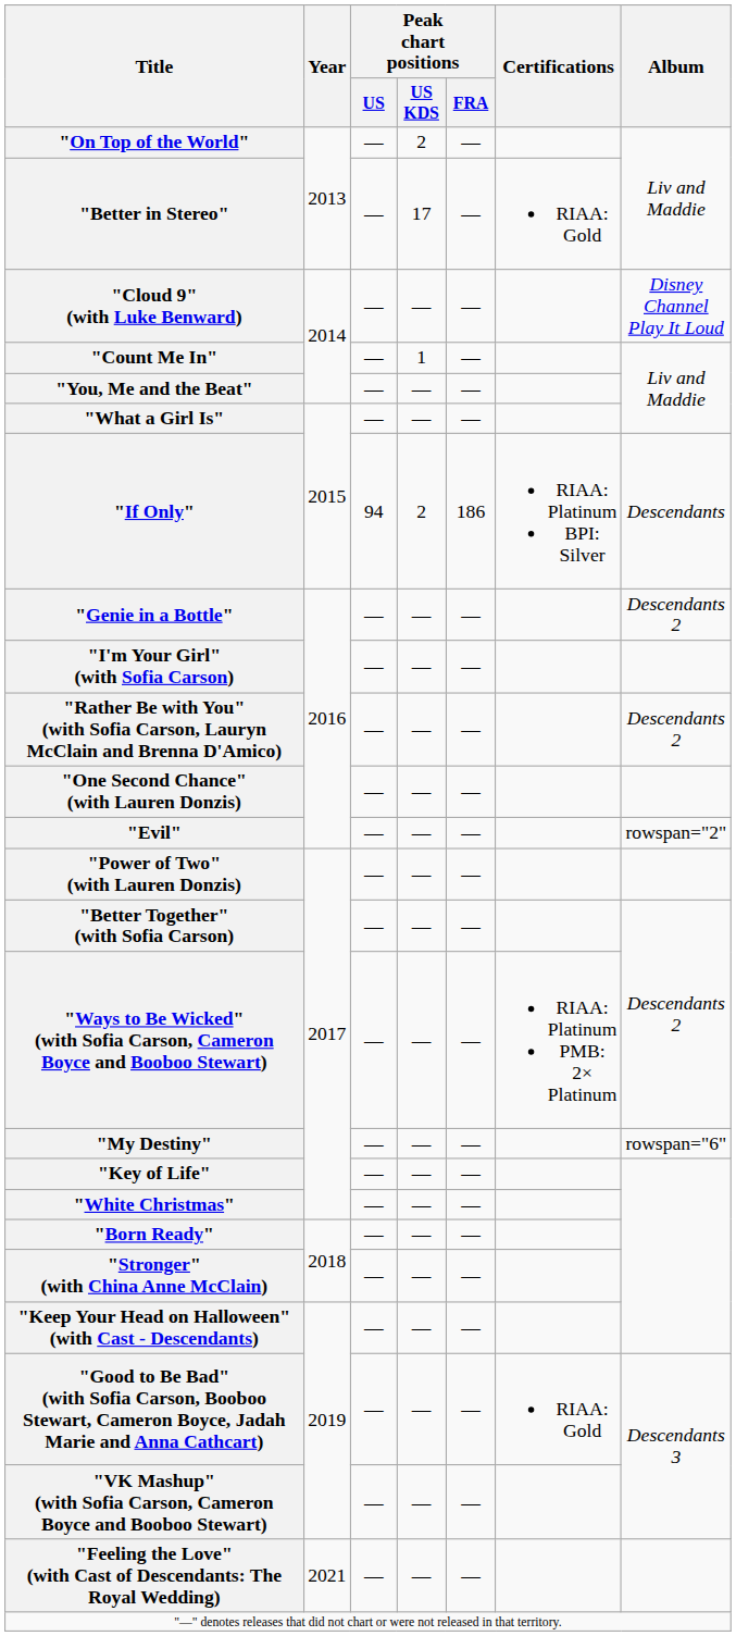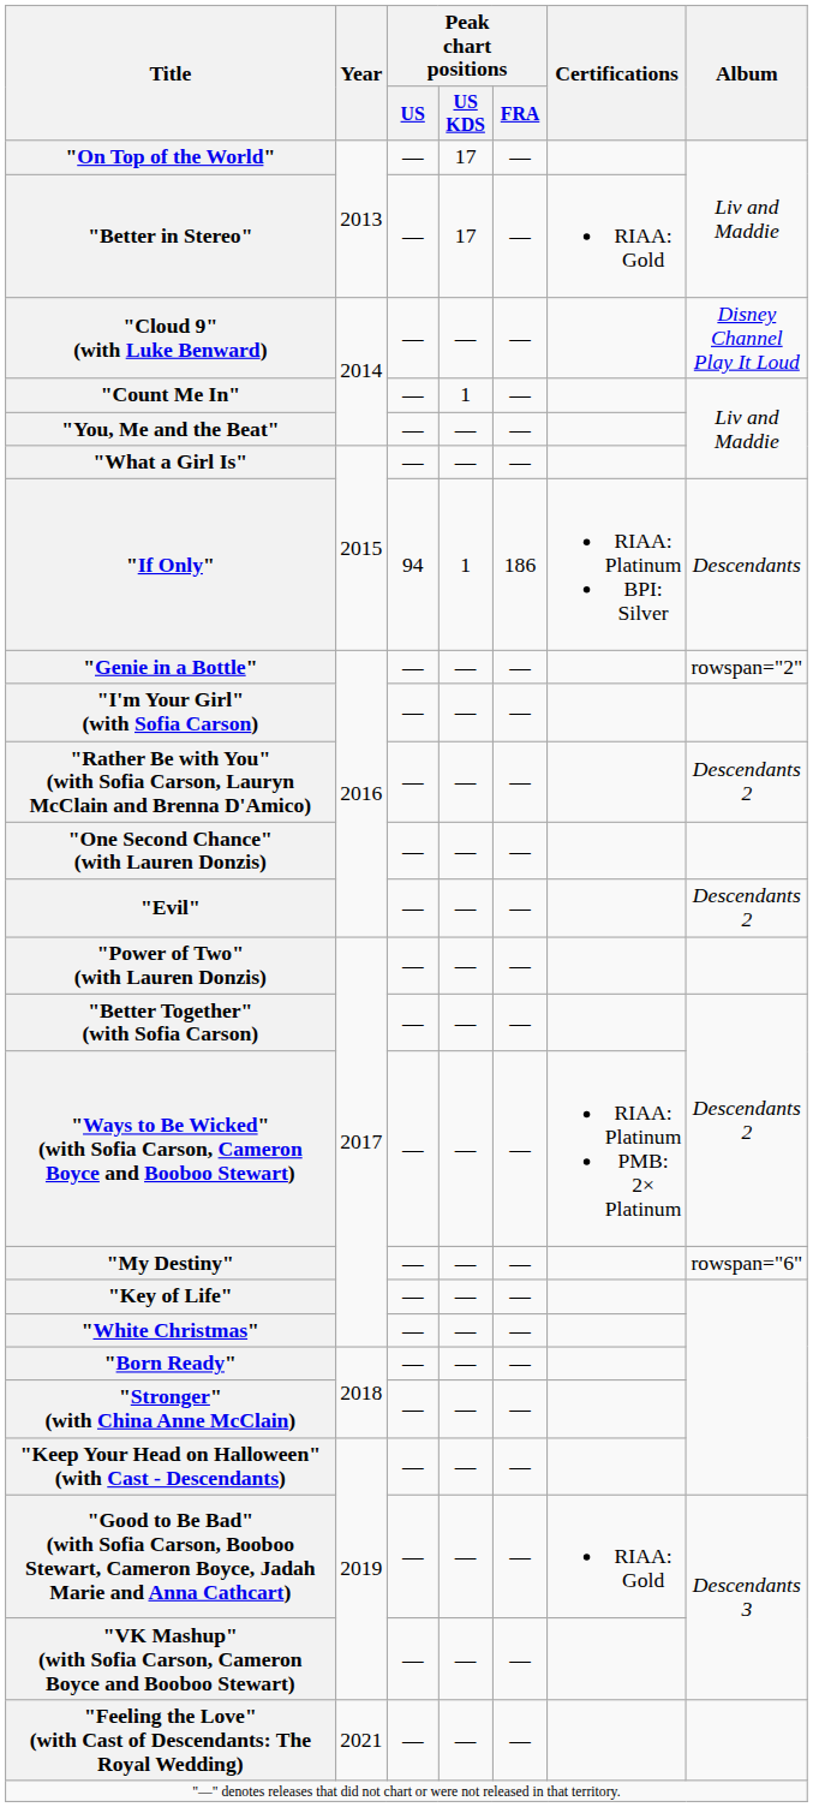 <table class="wikitable plainrowheaders" style="text-align:center">
 <tr>
 <th scope="col" rowspan="2" style="width:18em;">Title</th>
 <th scope="col" rowspan="2">Year</th>
 <th scope="col" colspan="3">Peak<br>chart<br>positions</th>
 <th scope="col" rowspan="2">Certifications</th>
 <th scope="col" rowspan="2">Album</th>
 </tr>
 <tr>
 <th scope="col" style="width:2.5em;font-size:90%;"><a href='#'>US</a><br></th>
 <th scope="col" style="width:2.5em;font-size:90%;"><a href='#'>US<br>KDS</a></th>
 <th scope="col" style="width:2.5em;font-size:90%;"><a href='#'>FRA</a><br></th>
 </tr>
 <tr>
 <th scope="row">"<a href='#'>On Top of the World</a>"</th>
 <td rowspan="2">2013</td>
 <td>—</td>
-<td>2</td>
+<td>17</td>
 <td>—</td>
 <td></td>
 <td rowspan="2"><em>Liv and Maddie</em></td>
 </tr>
 <tr>
 <th scope="row">"Better in Stereo"</th>
 <td>—</td>
 <td>17</td>
 <td>—</td>
 <td><br><ul><li>RIAA: Gold</li></ul></td>
 </tr>
 <tr>
 <th scope="row">"Cloud 9"<br><span>(with <a href='#'>Luke Benward</a>)</span></th>
 <td rowspan="3">2014</td>
 <td>—</td>
 <td>—</td>
 <td>—</td>
 <td></td>
 <td><em><a href='#'>Disney Channel Play It Loud</a></em></td>
 </tr>
 <tr>
 <th scope="row">"Count Me In"</th>
 <td>—</td>
 <td>1</td>
 <td>—</td>
 <td></td>
 <td rowspan="3"><em>Liv and Maddie</em></td>
 </tr>
 <tr>
 <th scope="row">"You, Me and the Beat"</th>
 <td>—</td>
 <td>—</td>
 <td>—</td>
 <td></td>
 </tr>
 <tr>
 <th scope="row">"What a Girl Is"<br></th>
 <td rowspan="2">2015</td>
 <td>—</td>
 <td>—</td>
 <td>—</td>
 <td></td>
 </tr>
 <tr>
 <th scope="row">"<a href='#'>If Only</a>"</th>
 <td>94</td>
-<td>2</td>
+<td>1</td>
 <td>186</td>
 <td><br><ul><li>RIAA: Platinum</li><li>BPI: Silver</li></ul></td>
 <td><em>Descendants</em></td>
 </tr>
 <tr>
 <th scope="row">"<a href='#'>Genie in a Bottle</a>"</th>
 <td rowspan="5">2016</td>
 <td>—</td>
 <td>—</td>
 <td>—</td>
 <td></td>
-<td><em>Descendants 2</em></td>
+<td>rowspan="2" </td>
 </tr>
 <tr>
 <th scope="row">"I'm Your Girl"<br><span>(with <a href='#'>Sofia Carson</a>)</span></th>
 <td>—</td>
 <td>—</td>
 <td>—</td>
 <td></td>
 </tr>
 <tr>
 <th scope="row">"Rather Be with You"<br><span>(with Sofia Carson, Lauryn McClain and Brenna D'Amico)</span></th>
 <td>—</td>
 <td>—</td>
 <td>—</td>
 <td></td>
 <td><em>Descendants 2</em></td>
 </tr>
 <tr>
 <th scope="row">"One Second Chance"<br><span>(with Lauren Donzis)</span></th>
 <td>—</td>
 <td>—</td>
 <td>—</td>
 <td></td>
 <td></td>
 </tr>
 <tr>
 <th scope="row">"Evil"</th>
 <td>—</td>
 <td>—</td>
 <td>—</td>
 <td></td>
-<td>rowspan="2" </td>
+<td><em>Descendants 2</em></td>
 </tr>
 <tr>
 <th scope="row">"Power of Two"<br><span>(with Lauren Donzis)</span></th>
 <td rowspan="6">2017</td>
 <td>—</td>
 <td>—</td>
 <td>—</td>
 <td></td>
 <td></td>
 </tr>
 <tr>
 <th scope="row">"Better Together"<br><span>(with Sofia Carson)</span></th>
 <td>—</td>
 <td>—</td>
 <td>—</td>
 <td></td>
 <td rowspan="2"><em>Descendants 2</em></td>
 </tr>
 <tr>
 <th scope="row">"<a href='#'>Ways to Be Wicked</a>"<br><span>(with Sofia Carson, <a href='#'>Cameron Boyce</a> and <a href='#'>Booboo Stewart</a>)</span></th>
 <td>—</td>
 <td>—</td>
 <td>—</td>
 <td><br><ul><li>RIAA: Platinum</li><li>PMB: 2× Platinum</li></ul></td>
 </tr>
 <tr>
 <th scope="row">"My Destiny"</th>
 <td>—</td>
 <td>—</td>
 <td>—</td>
 <td></td>
 <td>rowspan="6" </td>
 </tr>
 <tr>
 <th scope="row">"Key of Life"</th>
 <td>—</td>
 <td>—</td>
 <td>—</td>
 <td></td>
 </tr>
 <tr>
 <th scope="row">"<a href='#'>White Christmas</a>"</th>
 <td>—</td>
 <td>—</td>
 <td>—</td>
 <td></td>
 </tr>
 <tr>
 <th scope="row">"<a href='#'>Born Ready</a>"</th>
 <td rowspan="2">2018</td>
 <td>—</td>
 <td>—</td>
 <td>—</td>
 <td></td>
 </tr>
 <tr>
 <th scope="row">"<a href='#'>Stronger</a>"<br><span>(with <a href='#'>China Anne McClain</a>)</span></th>
 <td>—</td>
 <td>—</td>
 <td>—</td>
 <td></td>
 </tr>
 <tr>
 <th scope="row">"Keep Your Head on Halloween"<br><span>(with <a href='#'>Cast - Descendants</a>)</span></th>
 <td rowspan="3">2019</td>
 <td>—</td>
 <td>—</td>
 <td>—</td>
 <td></td>
 </tr>
 <tr>
 <th scope="row">"Good to Be Bad"<br><span>(with Sofia Carson, Booboo Stewart, Cameron Boyce, Jadah Marie and <a href='#'>Anna Cathcart</a>)</span></th>
 <td>—</td>
 <td>—</td>
 <td>—</td>
 <td><br><ul><li>RIAA: Gold</li></ul></td>
 <td rowspan="2"><em>Descendants 3</em></td>
 </tr>
 <tr>
 <th scope="row">"VK Mashup"<br><span>(with Sofia Carson, Cameron Boyce and Booboo Stewart)</span></th>
 <td>—</td>
 <td>—</td>
 <td>—</td>
 <td></td>
 </tr>
 <tr>
 <th scope="row">"Feeling the Love"<br><span>(with Cast of Descendants: The Royal Wedding)</span></th>
 <td>2021</td>
 <td>—</td>
 <td>—</td>
 <td>—</td>
 <td></td>
 <td></td>
 </tr>
 <tr>
 <td align="center" colspan="14" style="font-size:8pt">"—" denotes releases that did not chart or were not released in that territory.</td>
 </tr>
 </table>
